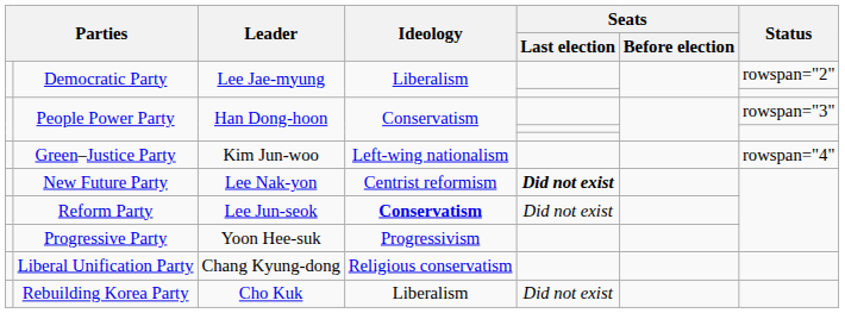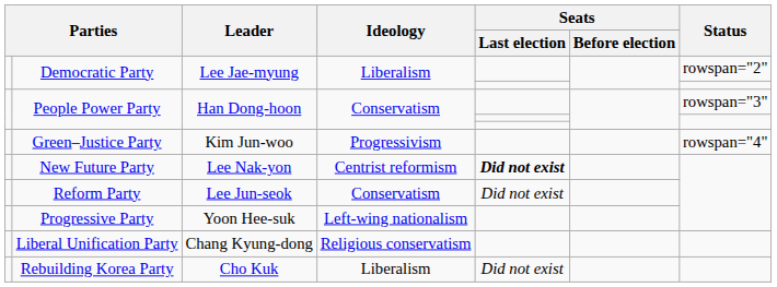 <table class="wikitable" style="text-align:center">
 <tr>
 <th colspan="2" rowspan="2">Parties</th>
 <th rowspan="2">Leader</th>
 <th rowspan="2">Ideology</th>
 <th colspan="2">Seats</th>
 <th rowspan="2">Status</th>
 </tr>
 <tr>
 <th>Last election</th>
 <th>Before election</th>
 </tr>
 <tr>
 <td rowspan="2" style="background:"></td>
 <td rowspan="2"><a href='#'>Democratic Party</a></td>
 <td rowspan="2"><a href='#'>Lee Jae-myung</a></td>
 <td rowspan="2"><a href='#'>Liberalism</a></td>
 <td></td>
 <td rowspan="2"></td>
 <td>rowspan="2" </td>
 </tr>
 <tr>
 <td></td>
 </tr>
 <tr>
 <td rowspan="3" style="background:"></td>
 <td rowspan="3"><a href='#'>People Power Party</a></td>
 <td rowspan="3"><a href='#'>Han Dong-hoon</a></td>
 <td rowspan="3"><a href='#'>Conservatism</a></td>
 <td></td>
 <td rowspan="3"></td>
 <td>rowspan="3" </td>
 </tr>
 <tr>
 <td></td>
 </tr>
 <tr>
 <td></td>
 </tr>
 <tr>
 <td style="background:"></td>
 <td><a href='#'>Green</a>–<a href='#'>Justice Party</a></td>
 <td>Kim Jun-woo</td>
-<td><a href='#'>Left-wing nationalism</a></td>
+<td><a href='#'>Progressivism</a></td>
 <td></td>
 <td></td>
 <td>rowspan="4" </td>
 </tr>
 <tr>
 <td style="background:"></td>
 <td><a href='#'>New Future Party</a></td>
 <td><a href='#'>Lee Nak-yon</a></td>
 <td><a href='#'>Centrist reformism</a></td>
 <td rowspan="1"><strong><em>Did not exist</em></strong></td>
 <td></td>
 </tr>
 <tr>
 <td style="background:"></td>
 <td><a href='#'>Reform Party</a></td>
 <td><a href='#'>Lee Jun-seok</a></td>
-<td><strong><a href='#'>Conservatism</a></strong></td>
+<td><a href='#'>Conservatism</a></td>
 <td><em>Did not exist</em></td>
 <td></td>
 </tr>
 <tr>
 <td style="background:"></td>
 <td><a href='#'>Progressive Party</a></td>
 <td>Yoon Hee-suk</td>
-<td><a href='#'>Progressivism</a></td>
+<td><a href='#'>Left-wing nationalism</a></td>
 <td></td>
 <td></td>
 </tr>
 <tr>
 <td style="background:"></td>
 <td><a href='#'>Liberal Unification Party</a></td>
 <td>Chang Kyung-dong</td>
 <td><a href='#'>Religious conservatism</a></td>
 <td></td>
 <td></td>
 <td></td>
 </tr>
 <tr>
 <td style="background:"></td>
 <td><a href='#'>Rebuilding Korea Party</a></td>
 <td><a href='#'>Cho Kuk</a></td>
 <td>Liberalism</td>
 <td rowspan="1"><em>Did not exist</em></td>
 <td></td>
 <td></td>
 </tr>
 </table>
